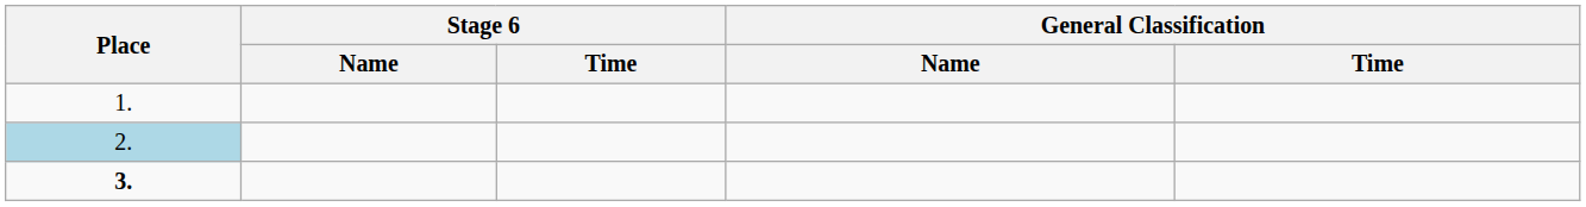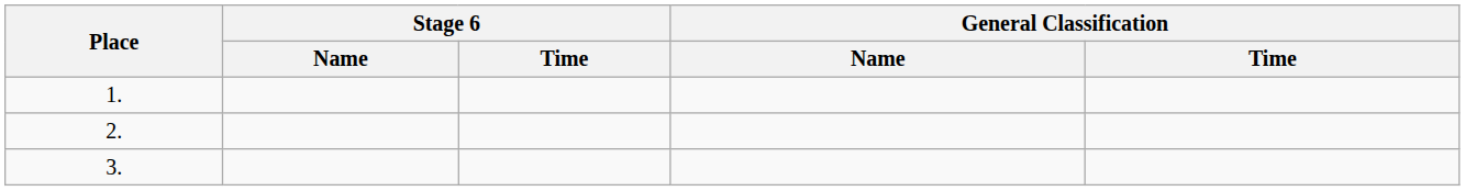 <table class=wikitable style="font-size:95%" width="80%">
 <tr>
 <th rowspan="2">Place</th>
 <th colspan="2">Stage 6</th>
 <th colspan="2">General Classification</th>
 </tr>
 <tr>
 <th>Name</th>
 <th>Time</th>
 <th>Name</th>
 <th>Time</th>
 </tr>
 <tr>
 <td align="center">1.</td>
 <td></td>
 <td></td>
 <td></td>
 <td></td>
 </tr>
 <tr>
-<td align="center" style="background: lightblue;">2.</td>
+<td align="center">2.</td>
 <td></td>
 <td></td>
 <td></td>
 <td></td>
 </tr>
 <tr>
-<td align="center"><strong>3.</strong></td>
+<td align="center">3.</td>
 <td></td>
 <td></td>
 <td></td>
 <td></td>
 </tr>
 </table>
